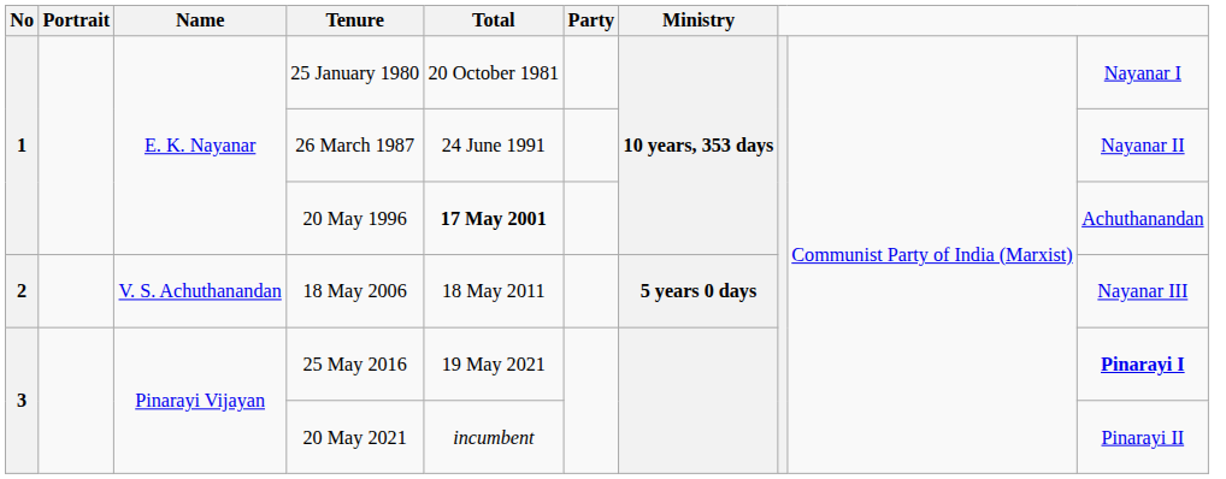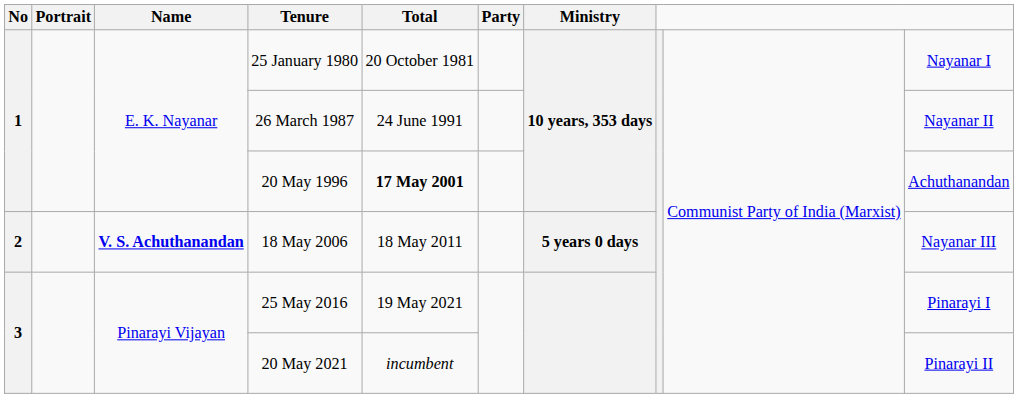 <table class="sortable wikitable"style="text-align:center;"style="font-size: 90%">
 <tr>
 <th Style="background-color:">No</th>
 <th Style="background-color:">Portrait</th>
 <th Style="background-color:">Name</th>
 <th Style="background-color:">Tenure</th>
 <th Style="background-color:">Total</th>
 <th Style="background-color:">Party<small></small></th>
 <th Style="background-color:">Ministry</th>
 </tr>
 <tr style="height: 60px;">
 <th rowspan=3>1</th>
 <td rowspan=3></td>
 <td rowspan=3><a href='#'>E. K. Nayanar</a><br></td>
 <td>25 January 1980</td>
 <td>20 October 1981</td>
 <td></td>
 <th rowspan="3">10 years, 353 days</th>
 <th rowspan=6 style="background-color: "></th>
 <td rowspan=6><a href='#'>Communist Party of India (Marxist)</a></td>
 <td><a href='#'>Nayanar I</a></td>
 </tr>
 <tr style="height: 60px;">
 <td>26 March 1987</td>
 <td>24 June 1991</td>
 <td></td>
 <td><a href='#'>Nayanar II</a></td>
 </tr>
 <tr style="height: 60px;">
 <td>20 May 1996</td>
 <td><strong>17 May 2001</strong></td>
 <td></td>
 <td><a href='#'>Achuthanandan</a></td>
 </tr>
 <tr style="height: 60px;">
 <th>2</th>
 <td></td>
-<td><a href='#'>V. S. Achuthanandan</a><br></td>
+<td><strong><a href='#'>V. S. Achuthanandan</a><br></strong></td>
 <td>18 May 2006</td>
 <td>18 May 2011</td>
 <td></td>
 <th>5 years 0 days</th>
 <td><a href='#'>Nayanar III</a></td>
 </tr>
 <tr style="height: 60px;">
 <th rowspan="2">3</th>
 <td rowspan="2"></td>
 <td rowspan="2"><a href='#'>Pinarayi Vijayan</a><br></td>
 <td>25 May 2016</td>
 <td>19 May 2021</td>
 <td rowspan="2"></td>
 <th rowspan="2"></th>
-<td><strong><a href='#'>Pinarayi I</a></strong></td>
+<td><a href='#'>Pinarayi I</a></td>
 </tr>
 <tr style="height: 60px;">
 <td>20 May 2021</td>
 <td><em>incumbent</em></td>
 <td><a href='#'>Pinarayi II</a></td>
 </tr>
 </table>
